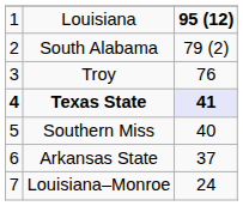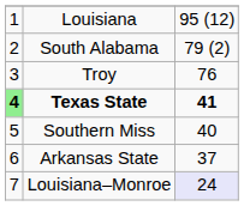 <table class="wikitable" style="display: inline-table;">
 <tr align="center">
 </tr>
 <tr align="center">
 <td>1</td>
 <td>Louisiana</td>
-<td><strong>95 (12)</strong></td>
+<td>95 (12)</td>
 </tr>
 <tr align="center">
 <td>2</td>
 <td>South Alabama</td>
 <td>79 (2)</td>
 </tr>
 <tr align="center">
 <td>3</td>
 <td>Troy</td>
 <td>76</td>
 </tr>
 <tr align="center">
-<td><strong>4</strong></td>
+<td style="background: lightgreen;"><strong>4</strong></td>
 <td><strong>Texas State</strong></td>
-<td style="background: lavender;"><strong>41</strong></td>
+<td><strong>41</strong></td>
 </tr>
 <tr align="center">
 <td>5</td>
 <td>Southern Miss</td>
 <td>40</td>
 </tr>
 <tr align="center">
 <td>6</td>
 <td>Arkansas State</td>
 <td>37</td>
 </tr>
 <tr align="center">
 <td>7</td>
 <td>Louisiana–Monroe</td>
-<td>24</td>
+<td style="background: lavender;">24</td>
 </tr>
 </table>
